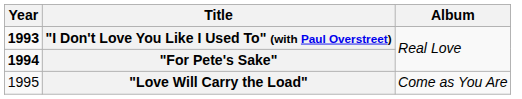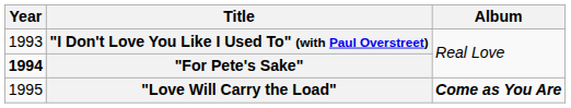 <table class="wikitable plainrowheaders" style=text-align:center;>
 <tr>
 <th scope="col">Year</th>
 <th scope="col">Title</th>
 <th scope="col">Album</th>
 </tr>
 <tr>
-<td><strong>1993</strong></td>
+<td>1993</td>
 <th scope="row">"I Don't Love You Like I Used To" <small>(with <a href='#'>Paul Overstreet</a>)</small></th>
 <td align="left" rowspan=2><em>Real Love</em></td>
 </tr>
 <tr>
 <td><strong>1994</strong></td>
 <th scope="row">"For Pete's Sake"</th>
 </tr>
 <tr>
 <td>1995</td>
 <th scope="row">"Love Will Carry the Load"</th>
-<td align="left"><em>Come as You Are</em></td>
+<td align="left"><strong><em>Come as You Are</em></strong></td>
 </tr>
 </table>
